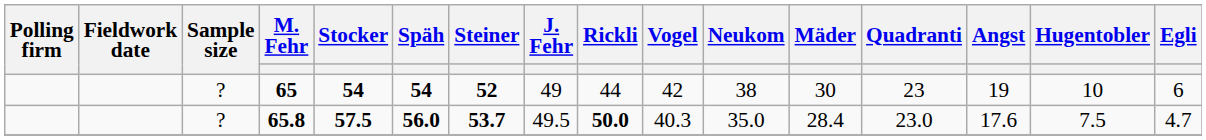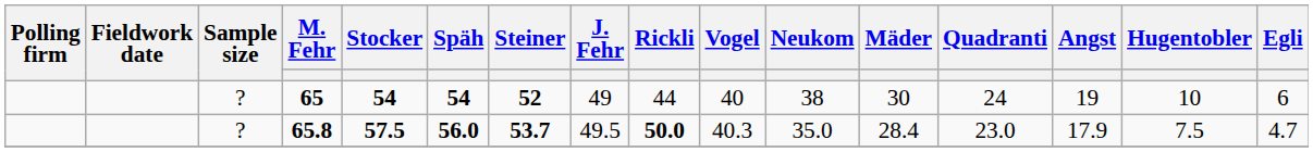 <table class="wikitable sortable" style="text-align:center;font-size:90%;line-height:14px;">
 <tr style="height:40px;">
 <th style="width:80px;" rowspan="2">Polling firm</th>
 <th style="width:130px;" rowspan="2">Fieldwork date</th>
 <th style="width:35px;" rowspan="2">Sample<br>size</th>
 <th class="unsortable" style="width:40px;"><a href='#'>M. Fehr</a><br></th>
 <th class="unsortable" style="width:40px;"><a href='#'>Stocker</a><br></th>
 <th class="unsortable" style="width:40px;"><a href='#'>Späh</a><br></th>
 <th class="unsortable" style="width:40px;"><a href='#'>Steiner</a><br></th>
 <th class="unsortable" style="width:40px;"><a href='#'>J. Fehr</a><br></th>
 <th class="unsortable" style="width:40px;"><a href='#'>Rickli</a><br></th>
 <th class="unsortable" style="width:40px;"><a href='#'>Vogel</a><br></th>
 <th class="unsortable" style="width:40px;"><a href='#'>Neukom</a><br></th>
 <th class="unsortable" style="width:40px;"><a href='#'>Mäder</a><br></th>
 <th class="unsortable" style="width:40px;"><a href='#'>Quadranti</a><br></th>
 <th class="unsortable" style="width:40px;"><a href='#'>Angst</a><br></th>
 <th class="unsortable" style="width:40px;"><a href='#'>Hugentobler</a><br></th>
 <th class="unsortable" style="width:40px;"><a href='#'>Egli</a><br></th>
 </tr>
 <tr>
 <th style="background:"></th>
 <th style="background:"></th>
 <th style="background:"></th>
 <th style="background:"></th>
 <th style="background:"></th>
 <th style="background:"></th>
 <th style="background:"></th>
 <th style="background:"></th>
 <th style="background:"></th>
 <th style="background:"></th>
 <th style="background:"></th>
 <th style="background:"></th>
 <th style="background:"></th>
 </tr>
 <tr>
 <td></td>
 <td></td>
 <td>?</td>
 <td style="background:#"><strong>65</strong></td>
 <td style="background:#"><strong>54</strong></td>
 <td style="background:#"><strong>54</strong></td>
 <td style="background:#"><strong>52</strong></td>
 <td>49</td>
 <td>44</td>
-<td>42</td>
+<td>40</td>
 <td>38</td>
 <td>30</td>
-<td>23</td>
+<td>24</td>
 <td>19</td>
 <td>10</td>
 <td>6</td>
 </tr>
 <tr>
 <td></td>
 <td></td>
 <td>?</td>
 <td style="background:#"><strong>65.8</strong></td>
 <td style="background:#"><strong>57.5</strong></td>
 <td style="background:#"><strong>56.0</strong></td>
 <td style="background:#"><strong>53.7</strong></td>
 <td>49.5</td>
 <td style="background:#"><strong>50.0</strong></td>
 <td>40.3</td>
 <td>35.0</td>
 <td>28.4</td>
 <td>23.0</td>
-<td>17.6</td>
+<td>17.9</td>
 <td>7.5</td>
 <td>4.7</td>
 </tr>
 <tr>
 </tr>
 </table>
